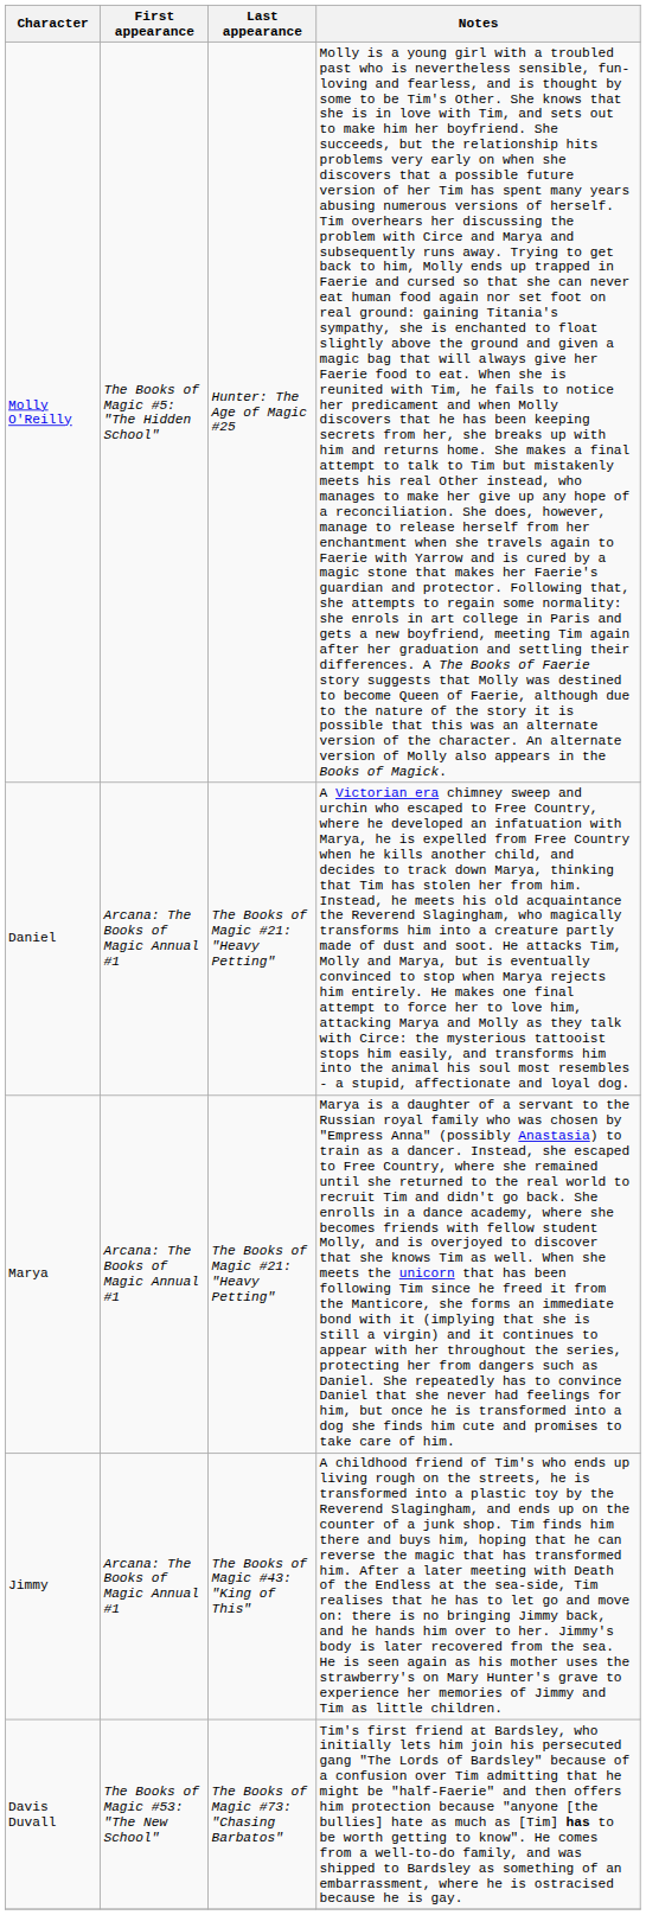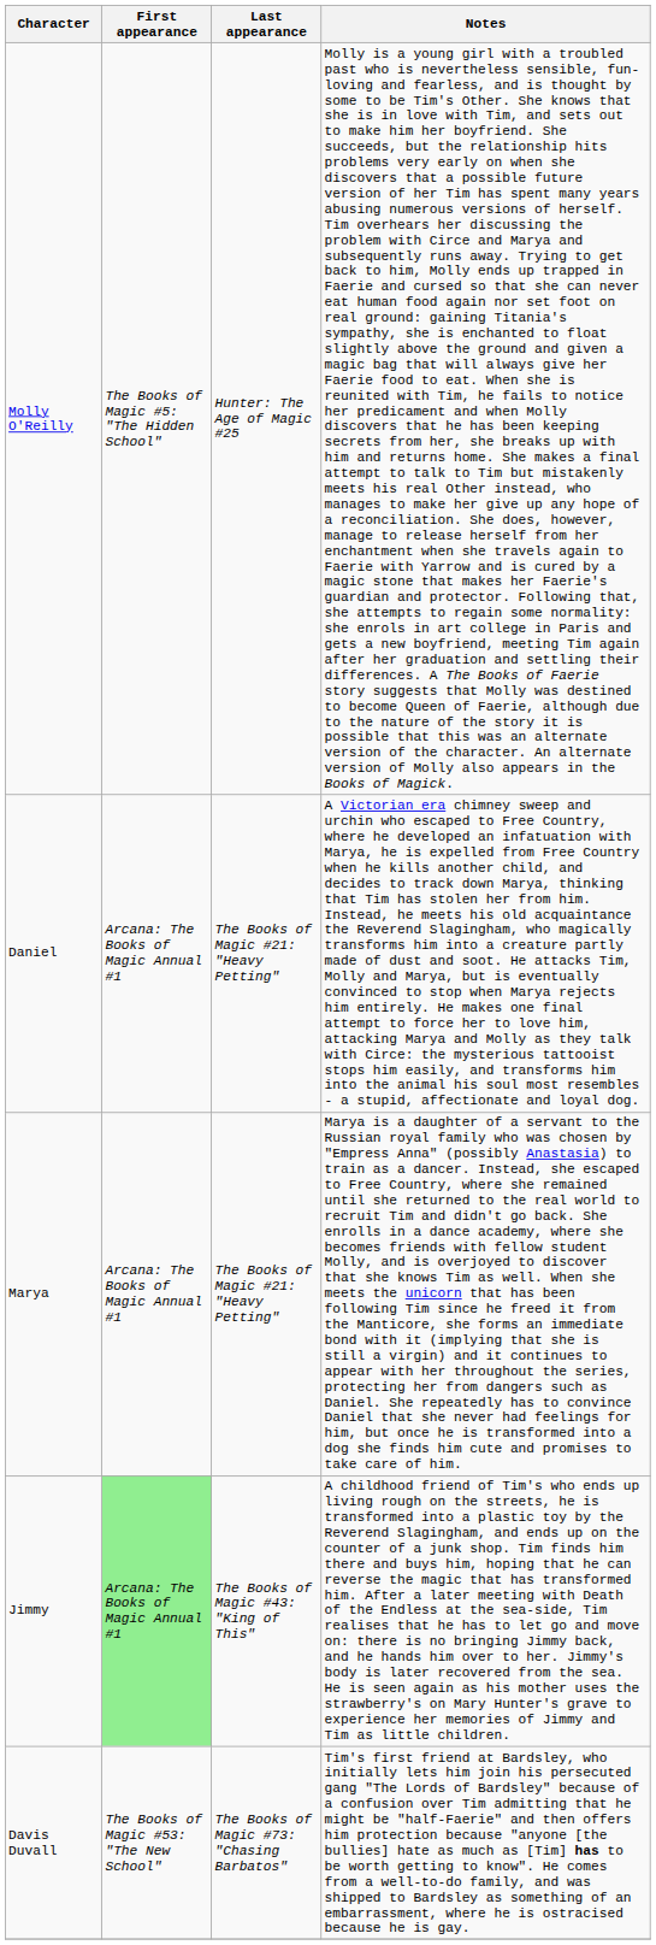 <table class="wikitable" width=100%>
 <tr>
 <th width=15%>Character</th>
 <th width=17%>First appearance</th>
 <th width=17%>Last appearance</th>
 <th width=51%>Notes</th>
 </tr>
 <tr>
 <td><a href='#'>Molly O'Reilly</a></td>
 <td><em>The Books of Magic #5: "The Hidden School"</em></td>
 <td><em>Hunter: The Age of Magic #25</em></td>
 <td>Molly is a young girl with a troubled past who is nevertheless sensible, fun-loving and fearless, and is thought by some to be Tim's Other. She knows that she is in love with Tim, and sets out to make him her boyfriend. She succeeds, but the relationship hits problems very early on when she discovers that a possible future version of her Tim has spent many years abusing numerous versions of herself. Tim overhears her discussing the problem with Circe and Marya and subsequently runs away. Trying to get back to him, Molly ends up trapped in Faerie and cursed so that she can never eat human food again nor set foot on real ground: gaining Titania's sympathy, she is enchanted to float slightly above the ground and given a magic bag that will always give her Faerie food to eat. When she is reunited with Tim, he fails to notice her predicament and when Molly discovers that he has been keeping secrets from her, she breaks up with him and returns home. She makes a final attempt to talk to Tim but mistakenly meets his real Other instead, who manages to make her give up any hope of a reconciliation. She does, however, manage to release herself from her enchantment when she travels again to Faerie with Yarrow and is cured by a magic stone that makes her Faerie's guardian and protector. Following that, she attempts to regain some normality: she enrols in art college in Paris and gets a new boyfriend, meeting Tim again after her graduation and settling their differences. A <em>The Books of Faerie</em> story suggests that Molly was destined to become Queen of Faerie, although due to the nature of the story it is possible that this was an alternate version of the character. An alternate version of Molly also appears in the <em>Books of Magick</em>.</td>
 </tr>
 <tr>
 <td>Daniel</td>
 <td><em>Arcana: The Books of Magic Annual #1</em></td>
 <td><em>The Books of Magic #21: "Heavy Petting"</em></td>
 <td>A <a href='#'>Victorian era</a> chimney sweep and urchin who escaped to Free Country, where he developed an infatuation with Marya, he is expelled from Free Country when he kills another child, and decides to track down Marya, thinking that Tim has stolen her from him. Instead, he meets his old acquaintance the Reverend Slagingham, who magically transforms him into a creature partly made of dust and soot. He attacks Tim, Molly and Marya, but is eventually convinced to stop when Marya rejects him entirely. He makes one final attempt to force her to love him, attacking Marya and Molly as they talk with Circe: the mysterious tattooist stops him easily, and transforms him into the animal his soul most resembles - a stupid, affectionate and loyal dog.</td>
 </tr>
 <tr>
 <td>Marya</td>
 <td><em>Arcana: The Books of Magic Annual #1</em></td>
 <td><em>The Books of Magic #21: "Heavy Petting"</em></td>
 <td>Marya is a daughter of a servant to the Russian royal family who was chosen by "Empress Anna" (possibly <a href='#'>Anastasia</a>) to train as a dancer. Instead, she escaped to Free Country, where she remained until she returned to the real world to recruit Tim and didn't go back. She enrolls in a dance academy, where she becomes friends with fellow student Molly, and is overjoyed to discover that she knows Tim as well. When she meets the <a href='#'>unicorn</a> that has been following Tim since he freed it from the Manticore, she forms an immediate bond with it (implying that she is still a virgin) and it continues to appear with her throughout the series, protecting her from dangers such as Daniel. She repeatedly has to convince Daniel that she never had feelings for him, but once he is transformed into a dog she finds him cute and promises to take care of him.</td>
 </tr>
 <tr>
 <td>Jimmy</td>
-<td><em>Arcana: The Books of Magic Annual #1</em></td>
+<td style="background: lightgreen;"><em>Arcana: The Books of Magic Annual #1</em></td>
 <td><em>The Books of Magic #43: "King of This"</em></td>
 <td>A childhood friend of Tim's who ends up living rough on the streets, he is transformed into a plastic toy by the Reverend Slagingham, and ends up on the counter of a junk shop. Tim finds him there and buys him, hoping that he can reverse the magic that has transformed him. After a later meeting with Death of the Endless at the sea-side, Tim realises that he has to let go and move on: there is no bringing Jimmy back, and he hands him over to her. Jimmy's body is later recovered from the sea. He is seen again as his mother uses the strawberry's on Mary Hunter's grave to experience her memories of Jimmy and Tim as little children.</td>
 </tr>
 <tr>
 <td>Davis Duvall</td>
 <td><em>The Books of Magic #53: "The New School"</em></td>
 <td><em>The Books of Magic #73: "Chasing Barbatos"</em></td>
 <td>Tim's first friend at Bardsley, who initially lets him join his persecuted gang "The Lords of Bardsley" because of a confusion over Tim admitting that he might be "half-Faerie" and then offers him protection because "anyone [the bullies] hate as much as [Tim] <strong>has</strong> to be worth getting to know". He comes from a well-to-do family, and was shipped to Bardsley as something of an embarrassment, where he is ostracised because he is gay.</td>
 </tr>
 <tr>
 </tr>
 </table>
